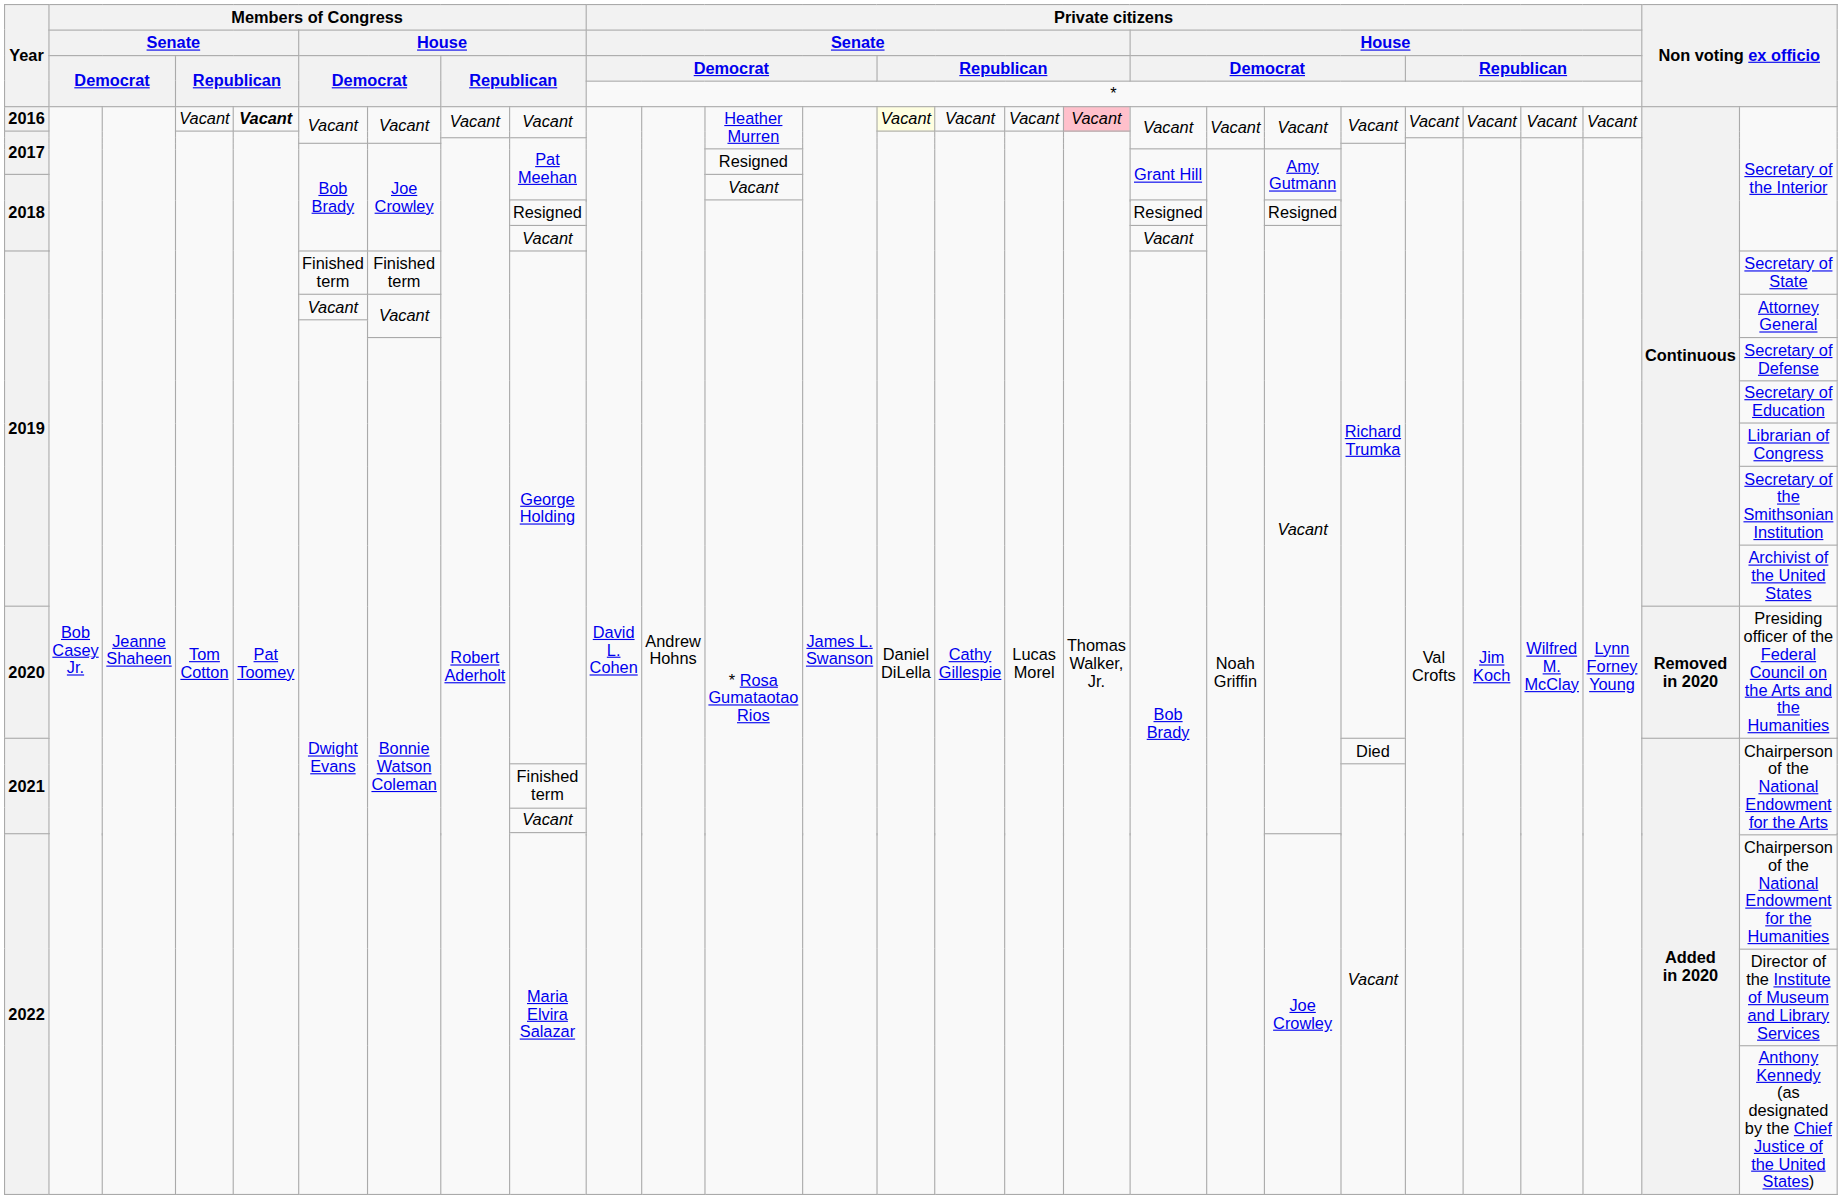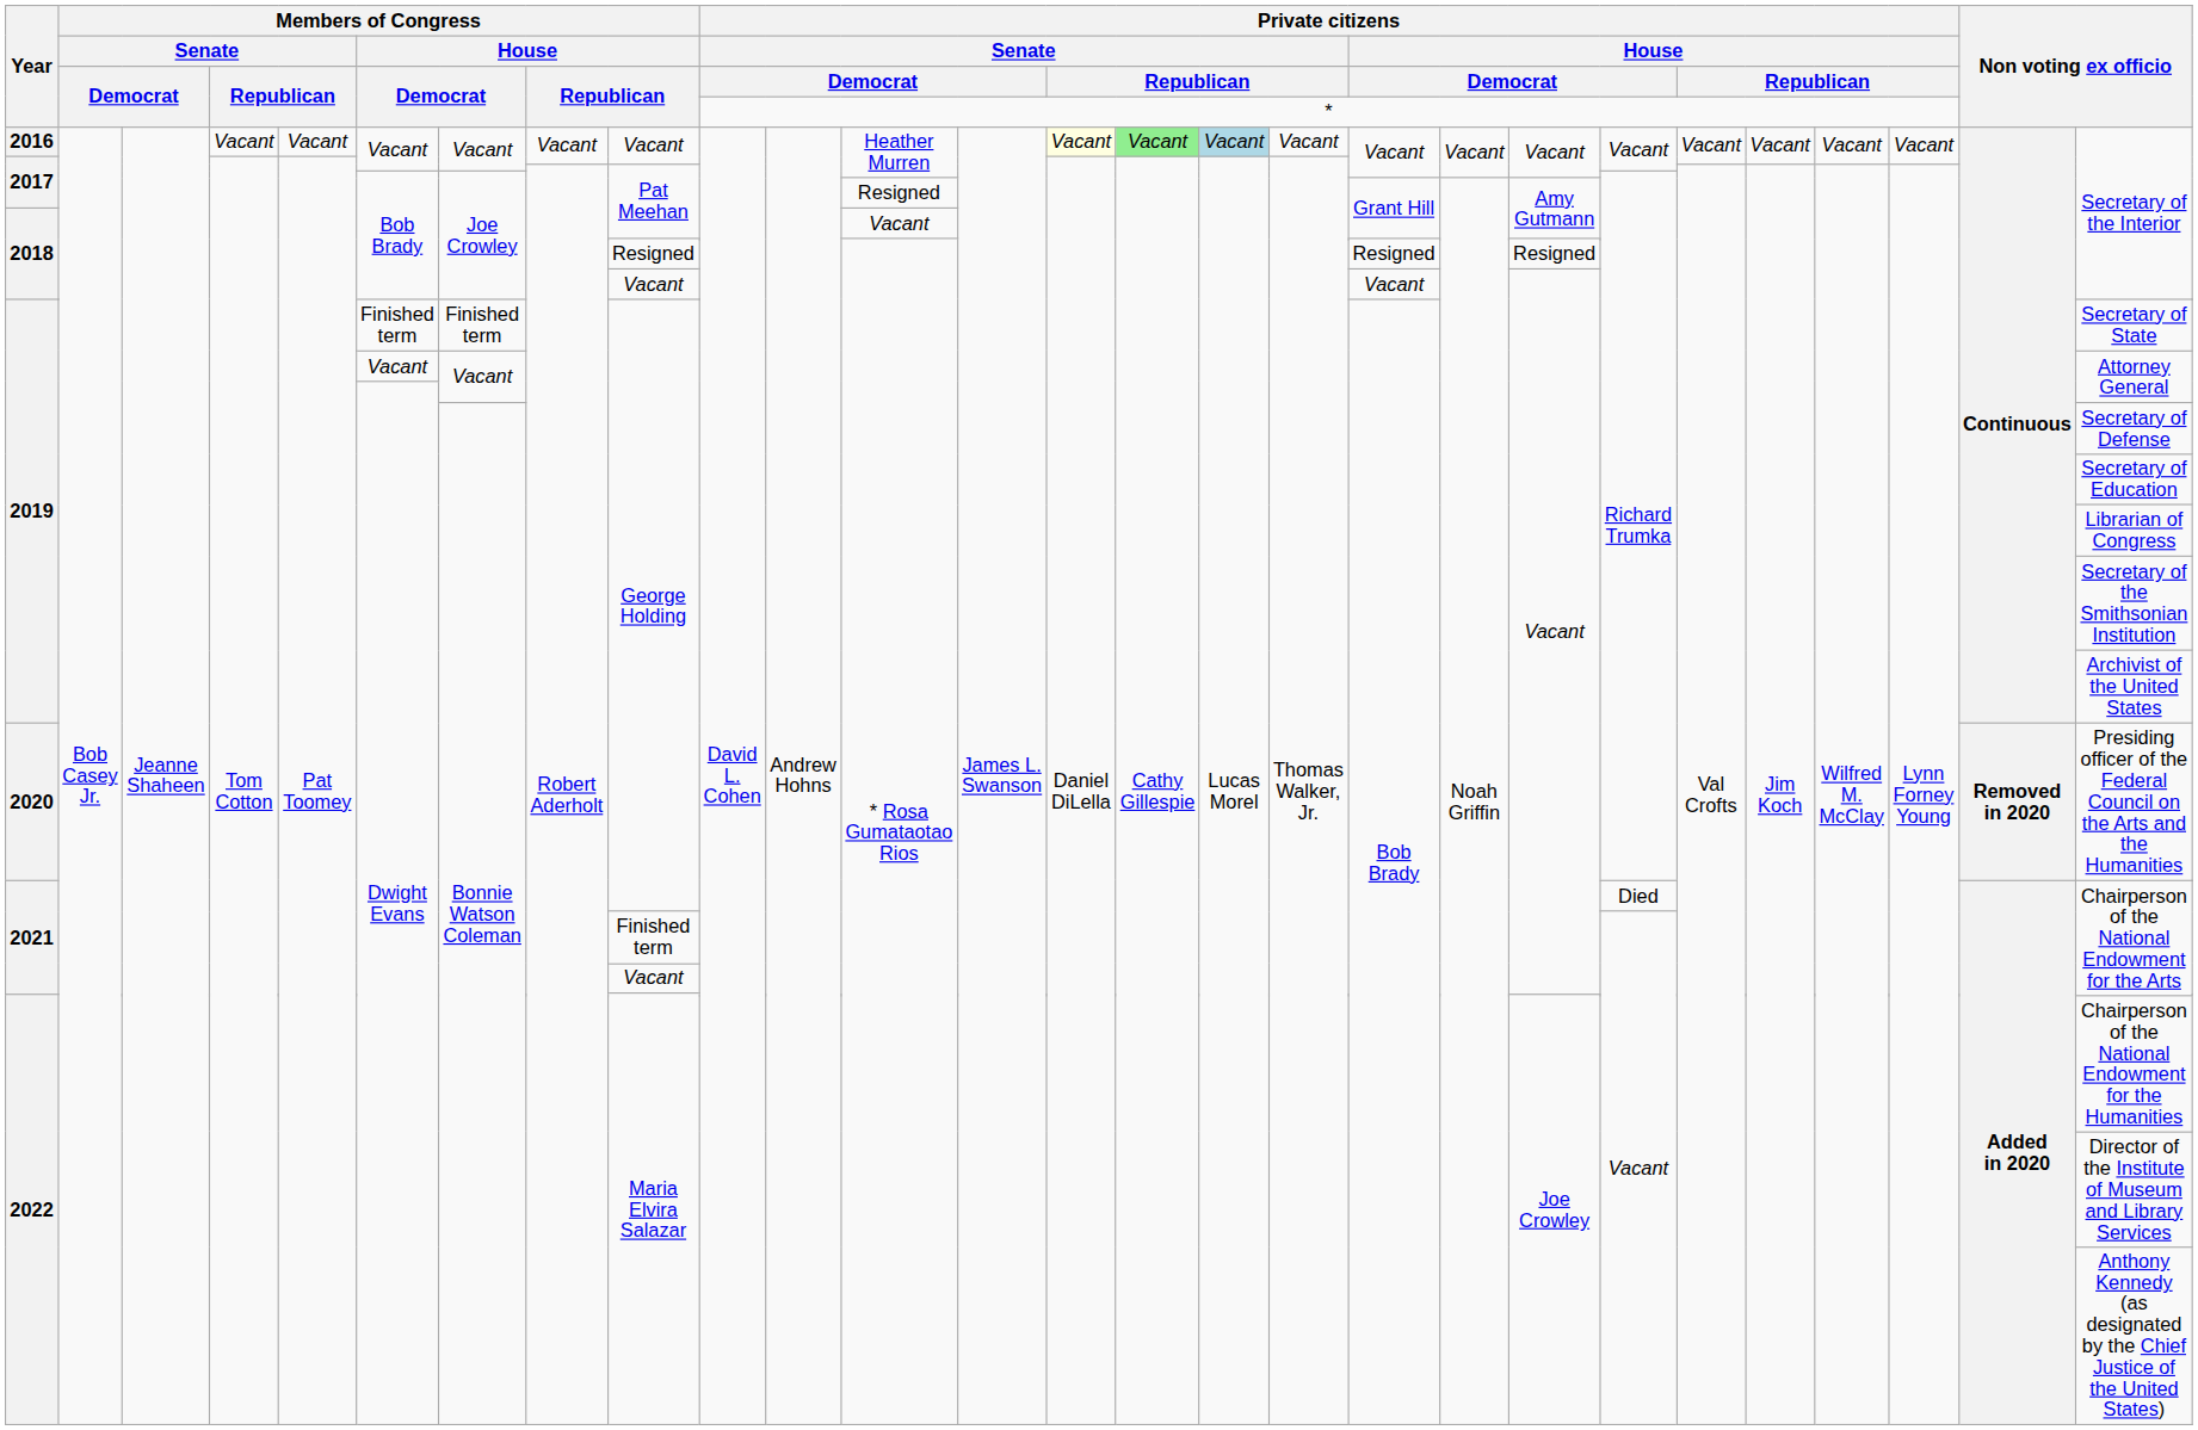 <table class="wikitable" style="font-size:92%;text-align:center;">
 <tr>
 <th rowspan="4">Year</th>
 <th colspan="8">Members of Congress</th>
 <th colspan="16">Private citizens</th>
 <th colspan="2" rowspan="4">Non voting <a href='#'>ex officio</a></th>
 </tr>
 <tr>
 <th colspan="4"><a href='#'>Senate</a></th>
 <th colspan="4"><a href='#'>House</a></th>
 <th colspan="8"><a href='#'>Senate</a></th>
 <th colspan="8"><a href='#'>House</a></th>
 </tr>
 <tr>
 <th colspan="2" rowspan="2"><a href='#'>Democrat</a></th>
 <th colspan="2" rowspan="2"><a href='#'>Republican</a></th>
 <th colspan="2" rowspan="2"><a href='#'>Democrat</a></th>
 <th colspan="2" rowspan="2"><a href='#'>Republican</a></th>
 <th colspan="4"><a href='#'>Democrat</a></th>
 <th colspan="4"><a href='#'>Republican</a></th>
 <th colspan="4"><a href='#'>Democrat</a></th>
 <th colspan="4"><a href='#'>Republican</a></th>
 </tr>
 <tr>
 <td colspan="16">* </td>
 </tr>
 <tr>
 <th>2016</th>
 <td rowspan="29"><a href='#'>Bob Casey Jr.</a></td>
 <td rowspan="29"><a href='#'>Jeanne Shaheen</a></td>
 <td><em>Vacant</em></td>
-<td><strong><em>Vacant</em></strong></td>
+<td><em>Vacant</em></td>
 <td rowspan="3"><em>Vacant</em></td>
 <td rowspan="3"><em>Vacant</em></td>
 <td rowspan="2"><em>Vacant</em></td>
 <td rowspan="2"><em>Vacant</em></td>
 <td rowspan="29"><a href='#'>David L. Cohen</a></td>
 <td rowspan="29">Andrew Hohns</td>
 <td rowspan="4"><a href='#'>Heather Murren</a></td>
 <td rowspan="29"><a href='#'>James L. Swanson</a></td>
 <td style="background: lightyellow;"><em>Vacant</em></td>
+<td style="background: lightgreen;"><em>Vacant</em></td>
+<td style="background: lightblue;"><em>Vacant</em></td>
 <td><em>Vacant</em></td>
-<td><em>Vacant</em></td>
-<td style="background: pink;"><em>Vacant</em></td>
 <td rowspan="4"><em>Vacant</em></td>
 <td rowspan="4"><em>Vacant</em></td>
 <td rowspan="4"><em>Vacant</em></td>
 <td rowspan="3"><em>Vacant</em></td>
 <td rowspan="2"><em>Vacant</em></td>
 <td rowspan="2"><em>Vacant</em></td>
 <td rowspan="2"><em>Vacant</em></td>
 <td rowspan="2"><em>Vacant</em></td>
 <th rowspan="18">Continuous</th>
 <td rowspan="9"><a href='#'>Secretary of the Interior</a></td>
 </tr>
 <tr>
 <th rowspan="4">2017</th>
 <td rowspan="28"><a href='#'>Tom Cotton</a></td>
 <td rowspan="28"><a href='#'>Pat Toomey</a></td>
 <td rowspan="28">Daniel DiLella</td>
 <td rowspan="28"><a href='#'>Cathy Gillespie</a></td>
 <td rowspan="28">Lucas Morel</td>
 <td rowspan="28">Thomas Walker, Jr.</td>
 </tr>
 <tr>
 <td rowspan="27"><a href='#'>Robert Aderholt</a></td>
 <td rowspan="5"><a href='#'>Pat Meehan</a></td>
 <td rowspan="27">Val Crofts</td>
 <td rowspan="27"><a href='#'>Jim Koch</a></td>
 <td rowspan="27"><a href='#'>Wilfred M. McClay</a></td>
 <td rowspan="27"><a href='#'>Lynn Forney Young</a></td>
 </tr>
 <tr>
 <td rowspan="7"><a href='#'>Bob Brady</a></td>
 <td rowspan="7"><a href='#'>Joe Crowley</a></td>
 <td rowspan="17"><a href='#'>Richard Trumka</a></td>
 </tr>
 <tr>
 <td>Resigned</td>
 <td rowspan="3"><a href='#'>Grant Hill</a></td>
 <td rowspan="25">Noah Griffin</td>
 <td rowspan="3"><a href='#'>Amy Gutmann</a></td>
 </tr>
 <tr>
 <th rowspan="4">2018</th>
 <td><em>Vacant</em></td>
 </tr>
 <tr>
 <td rowspan="23">* <a href='#'>Rosa Gumataotao Rios</a></td>
 </tr>
 <tr>
 <td>Resigned</td>
 <td>Resigned</td>
 <td>Resigned</td>
 </tr>
 <tr>
 <td><em>Vacant</em></td>
 <td rowspan="2"><em>Vacant</em></td>
 <td rowspan="16"><em>Vacant</em></td>
 </tr>
 <tr>
 <th rowspan="9">2019</th>
 <td rowspan="12"><a href='#'>George Holding</a></td>
 <td rowspan="2"><a href='#'>Secretary of State</a></td>
 </tr>
 <tr>
 <td>Finished term</td>
 <td>Finished term</td>
 <td rowspan="19"><a href='#'>Bob Brady</a></td>
 </tr>
 <tr>
 <td><em>Vacant</em></td>
 <td rowspan="2"><em>Vacant</em></td>
 <td rowspan="2"><a href='#'>Attorney General</a></td>
 </tr>
 <tr>
 <td rowspan="17"><a href='#'>Dwight Evans</a></td>
 </tr>
 <tr>
 <td rowspan="16"><a href='#'>Bonnie Watson Coleman</a></td>
 <td><a href='#'>Secretary of Defense</a></td>
 </tr>
 <tr>
 <td><a href='#'>Secretary of Education</a></td>
 </tr>
 <tr>
 <td><a href='#'>Librarian of Congress</a></td>
 </tr>
 <tr>
 <td><a href='#'>Secretary of the Smithsonian Institution</a></td>
 </tr>
 <tr>
 <td><a href='#'>Archivist of the United States</a></td>
 </tr>
 <tr>
 <th rowspan="2">2020</th>
 <th>Removed<br>in 2020</th>
 <td>Presiding officer of the <a href='#'>Federal Council on the Arts and the Humanities</a></td>
 </tr>
 <tr>
 <th rowspan="10">Added<br>in 2020</th>
 <td rowspan="7">Chairperson of the <a href='#'>National Endowment for the Arts</a></td>
 </tr>
 <tr>
 <th rowspan="5">2021</th>
 <td>Died</td>
 </tr>
 <tr>
 <td>Finished term</td>
 <td rowspan="8"><em>Vacant</em></td>
 </tr>
 <tr>
 <td><em>Vacant</em></td>
 </tr>
 <tr>
 <td rowspan="6"><a href='#'>Maria Elvira Salazar</a></td>
 </tr>
 <tr>
 <td rowspan="5"><a href='#'>Joe Crowley</a></td>
 </tr>
 <tr>
 <th rowspan="4">2022</th>
 </tr>
 <tr>
 <td>Chairperson of the <a href='#'>National Endowment for the Humanities</a></td>
 </tr>
 <tr>
 <td>Director of the <a href='#'>Institute of Museum and Library Services</a></td>
 </tr>
 <tr>
 <td><a href='#'>Anthony Kennedy</a> (as designated by the <a href='#'>Chief Justice of the United States</a>)</td>
 </tr>
 </table>
